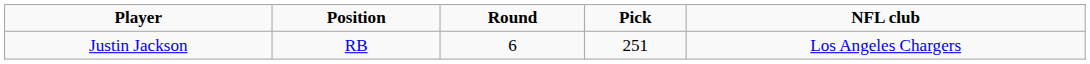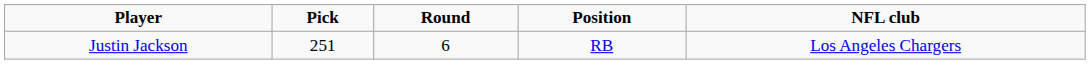 <table class="wikitable" width="80%">
 <tr align="center">
 <td><strong>Player</strong></td>
+<td><strong>Pick</strong></td>
+<td><strong>Round</strong></td>
 <td><strong>Position</strong></td>
-<td><strong>Round</strong></td>
-<td><strong>Pick</strong></td>
 <td><strong>NFL club</strong></td>
 </tr>
 <tr align="center" bgcolor="">
 <td><a href='#'>Justin Jackson</a></td>
+<td>251</td>
+<td>6</td>
 <td><a href='#'>RB</a></td>
-<td>6</td>
-<td>251</td>
 <td><a href='#'>Los Angeles Chargers</a></td>
 </tr>
 </table>
